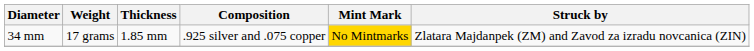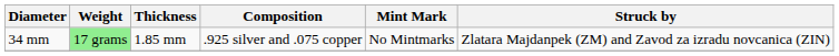 <table class="wikitable">
 <tr>
 <th>Diameter</th>
 <th>Weight</th>
 <th>Thickness</th>
 <th>Composition</th>
 <th>Mint Mark</th>
 <th>Struck by</th>
 </tr>
 <tr>
 <td>34 mm</td>
-<td>17 grams</td>
+<td style="background: lightgreen;">17 grams</td>
 <td>1.85 mm</td>
 <td>.925 silver and .075 copper</td>
-<td style="background: gold;">No Mintmarks</td>
+<td>No Mintmarks</td>
 <td>Zlatara Majdanpek (ZM) and Zavod za izradu novcanica (ZIN)</td>
 </tr>
 <tr>
 </tr>
 </table>
